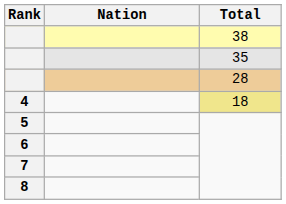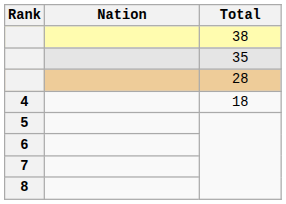 <table class="wikitable sortable" style="text-align:center; font-size:85%">
 <tr>
 <th scope="col" style="width:25px;">Rank</th>
 <th ! scope="col" style="width:120px;">Nation</th>
 <th ! scope="col" style="width:60px;">Total</th>
 </tr>
 <tr bgcolor=fffcaf>
 <th scope=row></th>
 <td align=left></td>
 <td>38</td>
 </tr>
 <tr bgcolor=e5e5e5>
 <th scope=row></th>
 <td align=left></td>
 <td>35</td>
 </tr>
 <tr bgcolor=eecc99>
 <th scope=row></th>
 <td align=left></td>
 <td>28</td>
 </tr>
 <tr>
 <th scope=row>4</th>
 <td align=left></td>
-<td style="background: khaki;">18</td>
+<td>18</td>
 </tr>
 <tr>
 <th scope=row>5</th>
 <td align=left></td>
 <td rowspan=4></td>
 </tr>
 <tr>
 <th scope=row>6</th>
 <td align=left></td>
 </tr>
 <tr>
 <th scope=row>7</th>
 <td align=left></td>
 </tr>
 <tr>
 <th scope=row>8</th>
 <td align=left></td>
 </tr>
 </table>
